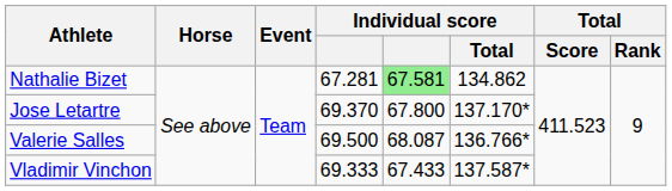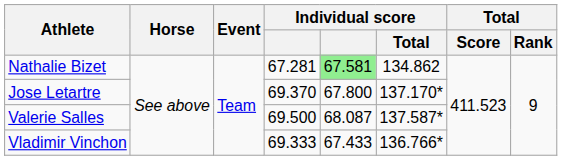 <table class=wikitable style="font-size:90%">
 <tr>
 <th rowspan="2">Athlete</th>
 <th rowspan="2">Horse</th>
 <th rowspan="2">Event</th>
 <th colspan="3">Individual score</th>
 <th colspan="2">Total</th>
 </tr>
 <tr>
 <th></th>
 <th></th>
 <th>Total</th>
 <th>Score</th>
 <th>Rank</th>
 </tr>
 <tr>
 <td><a href='#'>Nathalie Bizet</a></td>
 <td rowspan=4><em>See above</em></td>
 <td rowspan=4><a href='#'>Team</a></td>
 <td align="center">67.281</td>
 <td align="center" style="background: lightgreen;">67.581</td>
 <td align="center">134.862</td>
 <td align="center" rowspan="4">411.523</td>
 <td align="center" rowspan="4">9</td>
 </tr>
 <tr>
 <td><a href='#'>Jose Letartre</a></td>
 <td align="center">69.370</td>
 <td align="center">67.800</td>
 <td align="center">137.170*</td>
 </tr>
 <tr>
 <td><a href='#'>Valerie Salles</a></td>
 <td align="center">69.500</td>
 <td align="center">68.087</td>
-<td align="center">136.766*</td>
+<td align="center">137.587*</td>
 </tr>
 <tr>
 <td><a href='#'>Vladimir Vinchon</a></td>
 <td align="center">69.333</td>
 <td align="center">67.433</td>
-<td align="center">137.587*</td>
+<td align="center">136.766*</td>
 </tr>
 </table>
